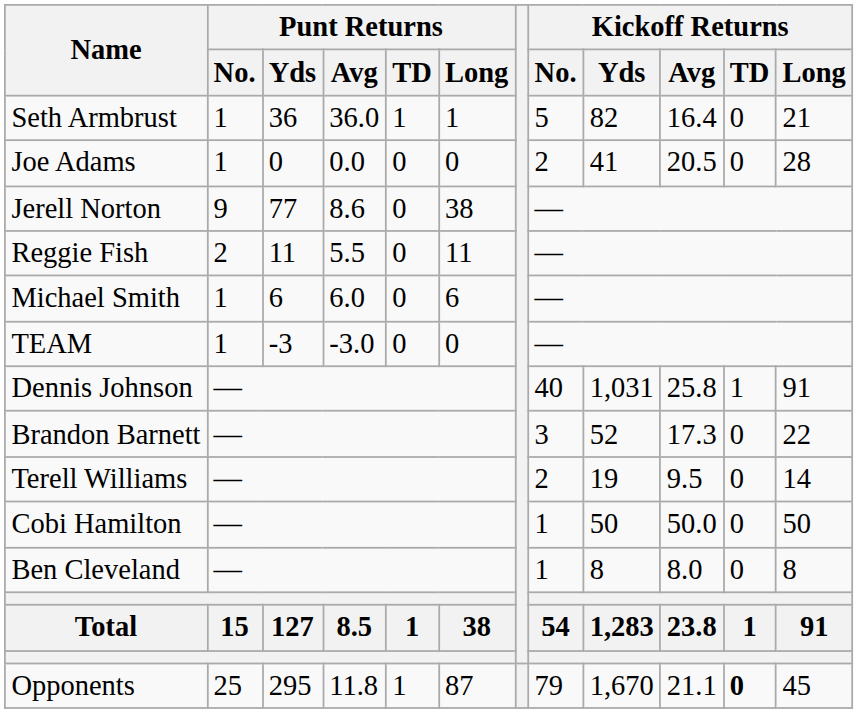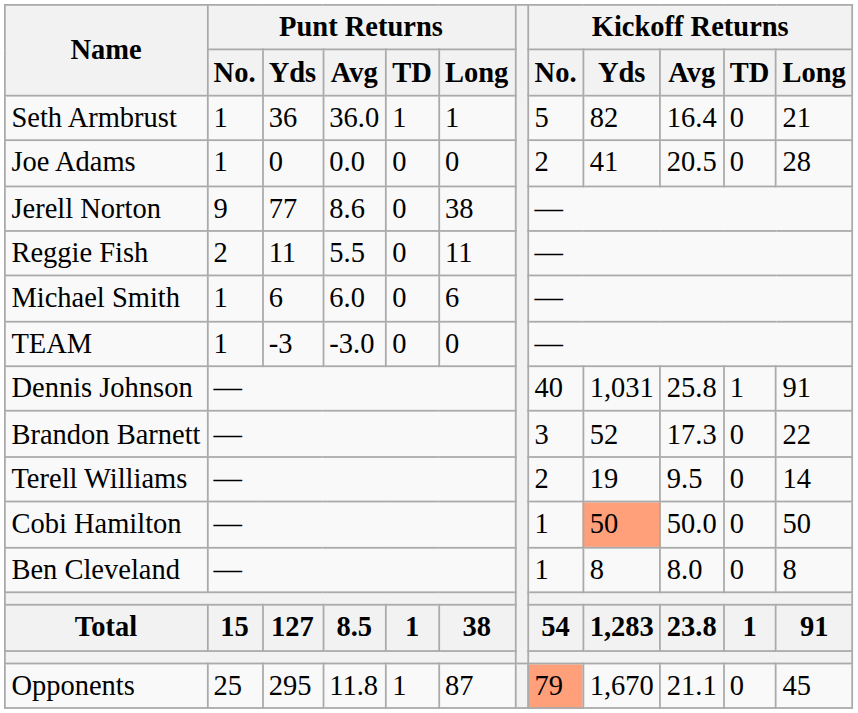 <table class="wikitable" style="white-space:nowrap;" style="text-align:center;">
 <tr>
 <th rowspan=2>Name</th>
 <th colspan=5>Punt Returns</th>
 <th rowspan=16></th>
 <th colspan=5>Kickoff Returns</th>
 </tr>
 <tr>
 <th>No.</th>
 <th>Yds</th>
 <th>Avg</th>
 <th>TD</th>
 <th>Long</th>
 <th>No.</th>
 <th>Yds</th>
 <th>Avg</th>
 <th>TD</th>
 <th>Long</th>
 </tr>
 <tr>
 <td align=left>Seth Armbrust</td>
 <td>1</td>
 <td>36</td>
 <td>36.0</td>
 <td>1</td>
 <td>1</td>
 <td>5</td>
 <td>82</td>
 <td>16.4</td>
 <td>0</td>
 <td>21</td>
 </tr>
 <tr>
 <td align=left>Joe Adams</td>
 <td>1</td>
 <td>0</td>
 <td>0.0</td>
 <td>0</td>
 <td>0</td>
 <td>2</td>
 <td>41</td>
 <td>20.5</td>
 <td>0</td>
 <td>28</td>
 </tr>
 <tr>
 <td align=left>Jerell Norton</td>
 <td>9</td>
 <td>77</td>
 <td>8.6</td>
 <td>0</td>
 <td>38</td>
 <td colspan=5>—</td>
 </tr>
 <tr>
 <td align=left>Reggie Fish</td>
 <td>2</td>
 <td>11</td>
 <td>5.5</td>
 <td>0</td>
 <td>11</td>
 <td colspan=5>—</td>
 </tr>
 <tr>
 <td align=left>Michael Smith</td>
 <td>1</td>
 <td>6</td>
 <td>6.0</td>
 <td>0</td>
 <td>6</td>
 <td colspan=5>—</td>
 </tr>
 <tr>
 <td align=left>TEAM</td>
 <td>1</td>
 <td>-3</td>
 <td>-3.0</td>
 <td>0</td>
 <td>0</td>
 <td colspan=5>—</td>
 </tr>
 <tr>
 <td align=left>Dennis Johnson</td>
 <td colspan=5>—</td>
 <td>40</td>
 <td>1,031</td>
 <td>25.8</td>
 <td>1</td>
 <td>91</td>
 </tr>
 <tr>
 <td align=left>Brandon Barnett</td>
 <td colspan=5>—</td>
 <td>3</td>
 <td>52</td>
 <td>17.3</td>
 <td>0</td>
 <td>22</td>
 </tr>
 <tr>
 <td align=left>Terell Williams</td>
 <td colspan=5>—</td>
 <td>2</td>
 <td>19</td>
 <td>9.5</td>
 <td>0</td>
 <td>14</td>
 </tr>
 <tr>
 <td align=left>Cobi Hamilton</td>
 <td colspan=5>—</td>
 <td>1</td>
-<td>50</td>
+<td style="background: lightsalmon;">50</td>
 <td>50.0</td>
 <td>0</td>
 <td>50</td>
 </tr>
 <tr>
 <td align=left>Ben Cleveland</td>
 <td colspan=5>—</td>
 <td>1</td>
 <td>8</td>
 <td>8.0</td>
 <td>0</td>
 <td>8</td>
 </tr>
 <tr>
 <th colspan=12></th>
 </tr>
 <tr>
 <th>Total</th>
 <th>15</th>
 <th>127</th>
 <th>8.5</th>
 <th>1</th>
 <th>38</th>
 <th>54</th>
 <th>1,283</th>
 <th>23.8</th>
 <th>1</th>
 <th>91</th>
 </tr>
 <tr>
 <th colspan=12></th>
 </tr>
 <tr>
 <td align=left>Opponents</td>
 <td>25</td>
 <td>295</td>
 <td>11.8</td>
 <td>1</td>
 <td>87</td>
 <th></th>
-<td>79</td>
+<td style="background: lightsalmon;">79</td>
 <td>1,670</td>
 <td>21.1</td>
-<td><strong>0</strong></td>
+<td>0</td>
 <td>45</td>
 </tr>
 </table>
